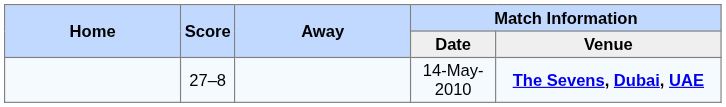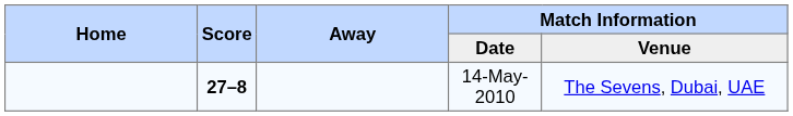 <table border=1 style="border-collapse:collapse; font-size:90%; text-align:center;" cellpadding=3 cellspacing=0 width=100%>
 <tr bgcolor=#C1D8FF>
 <th rowspan=2 width=25%>Home</th>
 <th rowspan=2 width=6%>Score</th>
 <th rowspan=2 width=25%>Away</th>
 <th colspan=6>Match Information</th>
 </tr>
 <tr bgcolor=#EFEFEF>
 <th width=12%>Date</th>
 <th width=32%>Venue</th>
 </tr>
 <tr bgcolor=#F5FAFF>
 <td align=right><strong></strong></td>
-<td>27–8</td>
+<td><strong>27–8</strong></td>
 <td align=left></td>
 <td>14-May-2010</td>
-<td><strong><a href='#'>The Sevens</a>, <a href='#'>Dubai</a>, <a href='#'>UAE</a></strong></td>
+<td><a href='#'>The Sevens</a>, <a href='#'>Dubai</a>, <a href='#'>UAE</a></td>
 </tr>
 </table>
